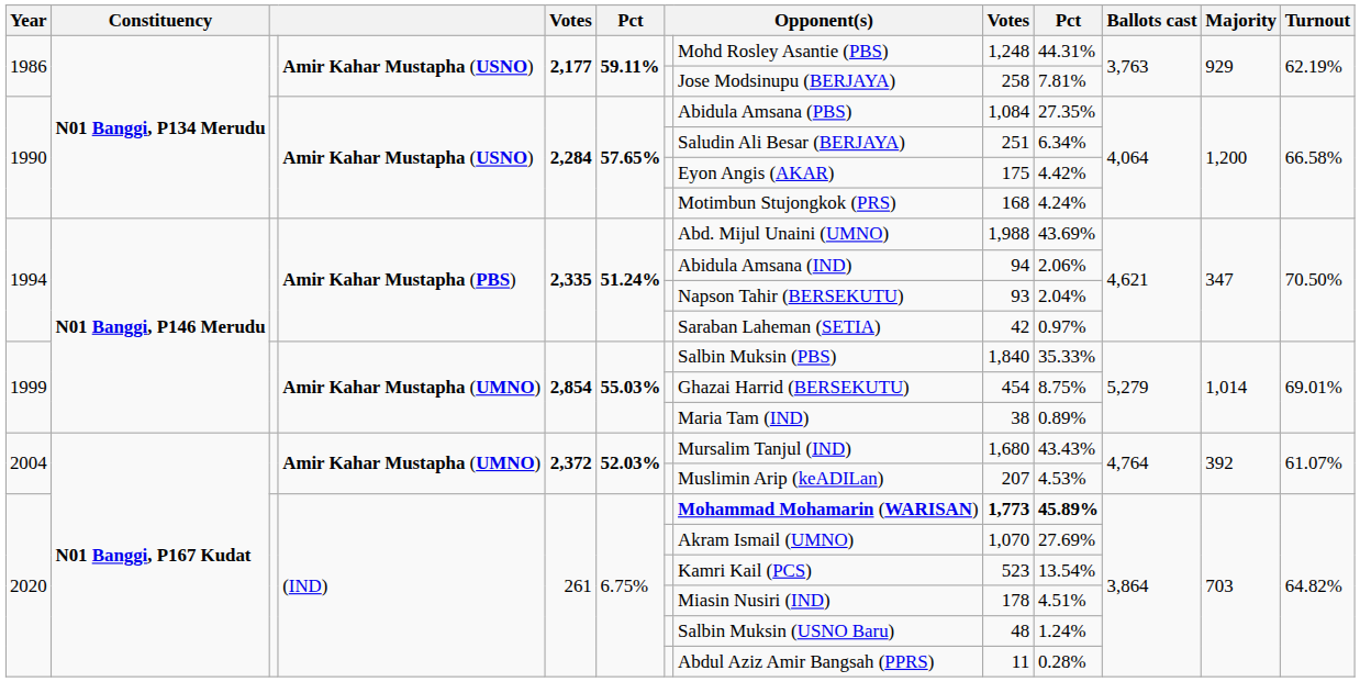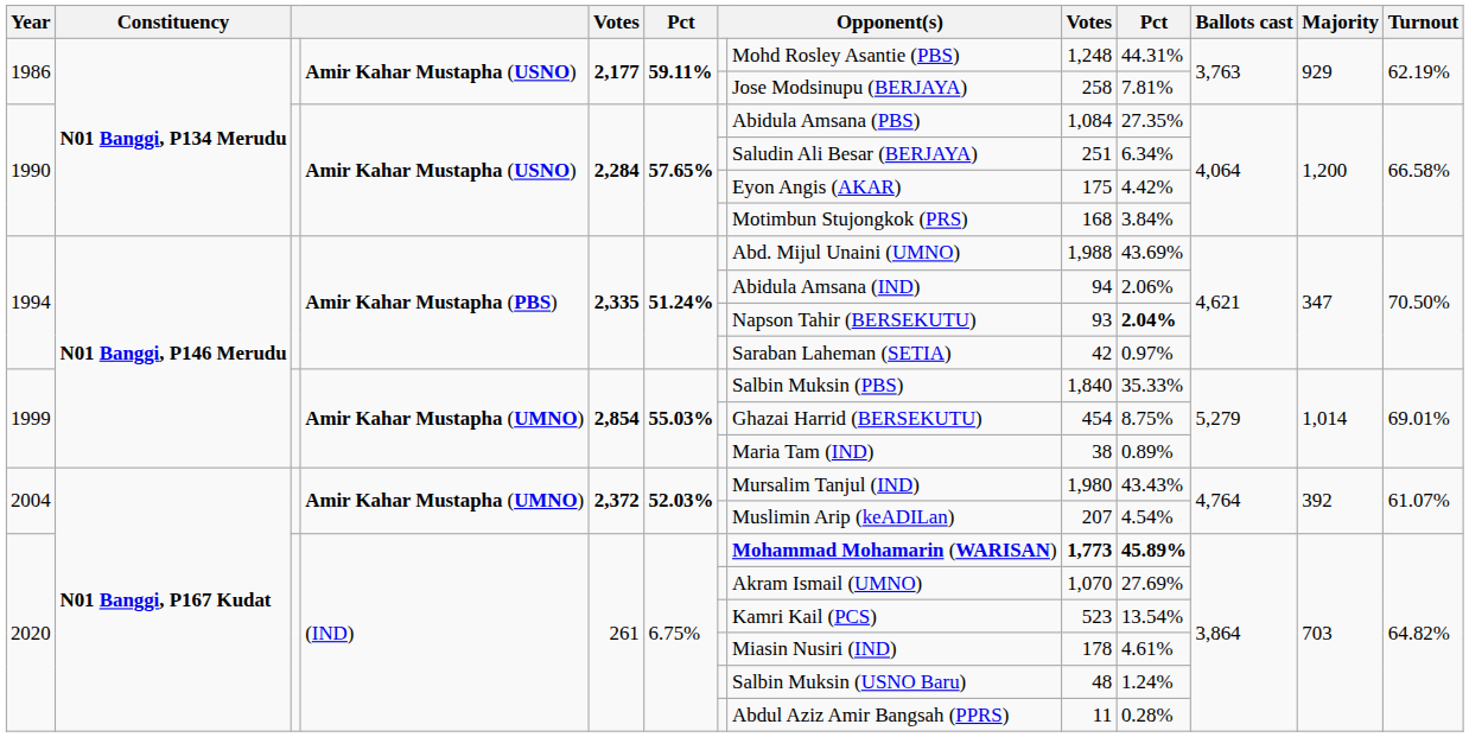 <table class="wikitable" style="margin:0.5em ; font-size:95%">
 <tr>
 <th>Year</th>
 <th>Constituency</th>
 <th colspan=2></th>
 <th>Votes</th>
 <th>Pct</th>
 <th colspan=2>Opponent(s)</th>
 <th>Votes</th>
 <th>Pct</th>
 <th>Ballots cast</th>
 <th>Majority</th>
 <th>Turnout</th>
 </tr>
 <tr>
 <td rowspan=2>1986</td>
 <td rowspan=6><strong>N01 <a href='#'>Banggi</a>, P134 Merudu</strong></td>
 <td rowspan=2></td>
 <td rowspan=2><strong>Amir Kahar Mustapha</strong> (<a href='#'><strong>USNO</strong></a>)</td>
 <td rowspan=2 align="right"><strong>2,177</strong></td>
 <td rowspan=2><strong>59.11%</strong></td>
 <td></td>
 <td>Mohd Rosley Asantie (<a href='#'>PBS</a>)</td>
 <td align="right">1,248</td>
 <td>44.31%</td>
 <td rowspan=2>3,763</td>
 <td rowspan=2>929</td>
 <td rowspan=2>62.19%</td>
 </tr>
 <tr>
 <td></td>
 <td>Jose Modsinupu (<a href='#'>BERJAYA</a>)</td>
 <td align="right">258</td>
 <td>7.81%</td>
 </tr>
 <tr>
 <td rowspan=4>1990</td>
 <td rowspan=4></td>
 <td rowspan=4><strong>Amir Kahar Mustapha</strong> (<a href='#'><strong>USNO</strong></a>)</td>
 <td rowspan=4 align="right"><strong>2,284</strong></td>
 <td rowspan=4><strong>57.65%</strong></td>
 <td></td>
 <td>Abidula Amsana (<a href='#'>PBS</a>)</td>
 <td align="right">1,084</td>
 <td>27.35%</td>
 <td rowspan=4>4,064</td>
 <td rowspan=4>1,200</td>
 <td rowspan=4>66.58%</td>
 </tr>
 <tr>
 <td></td>
 <td>Saludin Ali Besar (<a href='#'>BERJAYA</a>)</td>
 <td align="right">251</td>
 <td>6.34%</td>
 </tr>
 <tr>
 <td></td>
 <td>Eyon Angis (<a href='#'>AKAR</a>)</td>
 <td align="right">175</td>
 <td>4.42%</td>
 </tr>
 <tr>
 <td></td>
 <td>Motimbun Stujongkok (<a href='#'>PRS</a>)</td>
 <td align="right">168</td>
-<td>4.24%</td>
+<td>3.84%</td>
 </tr>
 <tr>
 <td rowspan=4>1994</td>
 <td rowspan=7><strong>N01 <a href='#'>Banggi</a>, P146 Merudu</strong></td>
 <td rowspan=4 ></td>
 <td rowspan=4><strong>Amir Kahar Mustapha</strong> (<a href='#'><strong>PBS</strong></a>)</td>
 <td rowspan=4 align="right"><strong>2,335</strong></td>
 <td rowspan=4><strong>51.24%</strong></td>
 <td></td>
 <td>Abd. Mijul Unaini (<a href='#'>UMNO</a>)</td>
 <td align="right">1,988</td>
 <td>43.69%</td>
 <td rowspan=4>4,621</td>
 <td rowspan=4>347</td>
 <td rowspan=4>70.50%</td>
 </tr>
 <tr>
 <td></td>
 <td>Abidula Amsana (<a href='#'>IND</a>)</td>
 <td align="right">94</td>
 <td>2.06%</td>
 </tr>
 <tr>
 <td></td>
 <td>Napson Tahir (<a href='#'>BERSEKUTU</a>)</td>
 <td align="right">93</td>
-<td>2.04%</td>
+<td><strong>2.04%</strong></td>
 </tr>
 <tr>
 <td></td>
 <td>Saraban Laheman (<a href='#'>SETIA</a>)</td>
 <td align="right">42</td>
 <td>0.97%</td>
 </tr>
 <tr>
 <td rowspan=3>1999</td>
 <td rowspan=3 ></td>
 <td rowspan=3><strong>Amir Kahar Mustapha</strong> (<a href='#'><strong>UMNO</strong></a>)</td>
 <td rowspan=3 align="right"><strong>2,854</strong></td>
 <td rowspan=3><strong>55.03%</strong></td>
 <td></td>
 <td>Salbin Muksin (<a href='#'>PBS</a>)</td>
 <td align="right">1,840</td>
 <td>35.33%</td>
 <td rowspan=3>5,279</td>
 <td rowspan=3>1,014</td>
 <td rowspan=3>69.01%</td>
 </tr>
 <tr>
 <td></td>
 <td>Ghazai Harrid (<a href='#'>BERSEKUTU</a>)</td>
 <td align="right">454</td>
 <td>8.75%</td>
 </tr>
 <tr>
 <td></td>
 <td>Maria Tam (<a href='#'>IND</a>)</td>
 <td align="right">38</td>
 <td>0.89%</td>
 </tr>
 <tr>
 <td rowspan=2>2004</td>
 <td rowspan=8><strong>N01 <a href='#'>Banggi</a>, P167 Kudat</strong></td>
 <td rowspan=2 ></td>
 <td rowspan=2><strong>Amir Kahar Mustapha</strong> (<a href='#'><strong>UMNO</strong></a>)</td>
 <td rowspan=2 align="right"><strong>2,372</strong></td>
 <td rowspan=2><strong>52.03%</strong></td>
 <td></td>
 <td>Mursalim Tanjul (<a href='#'>IND</a>)</td>
-<td align="right">1,680</td>
+<td align="right">1,980</td>
 <td>43.43%</td>
 <td rowspan=2>4,764</td>
 <td rowspan=2>392</td>
 <td rowspan=2>61.07%</td>
 </tr>
 <tr>
 <td></td>
 <td>Muslimin Arip (<a href='#'>keADILan</a>)</td>
 <td align="right">207</td>
-<td>4.53%</td>
+<td>4.54%</td>
 </tr>
 <tr>
 <td rowspan=6>2020</td>
 <td rowspan=6 ></td>
 <td rowspan=6> (<a href='#'>IND</a>)</td>
 <td rowspan=6 align="right">261</td>
 <td rowspan=6>6.75%</td>
 <td></td>
 <td><strong><a href='#'>Mohammad Mohamarin</a></strong> (<a href='#'><strong>WARISAN</strong></a>)</td>
 <td align="right"><strong>1,773</strong></td>
 <td><strong>45.89%</strong></td>
 <td rowspan=6>3,864</td>
 <td rowspan=6>703</td>
 <td rowspan=6>64.82%</td>
 </tr>
 <tr>
 <td></td>
 <td>Akram Ismail (<a href='#'>UMNO</a>)</td>
 <td align="right">1,070</td>
 <td>27.69%</td>
 </tr>
 <tr>
 <td></td>
 <td>Kamri Kail (<a href='#'>PCS</a>)</td>
 <td align="right">523</td>
 <td>13.54%</td>
 </tr>
 <tr>
 <td></td>
 <td>Miasin Nusiri (<a href='#'>IND</a>)</td>
 <td align="right">178</td>
-<td>4.51%</td>
+<td>4.61%</td>
 </tr>
 <tr>
 <td bgcolor=></td>
 <td>Salbin Muksin (<a href='#'>USNO Baru</a>)</td>
 <td align="right">48</td>
 <td>1.24%</td>
 </tr>
 <tr>
 <td></td>
 <td>Abdul Aziz Amir Bangsah (<a href='#'>PPRS</a>)</td>
 <td align="right">11</td>
 <td>0.28%</td>
 </tr>
 </table>
